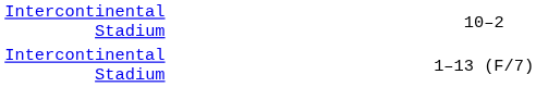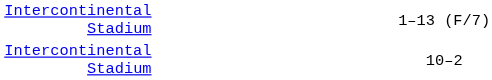 <table>
 <tr>
 <th width=150></th>
 <th width=200></th>
 <th width=80></th>
 <th width=200></th>
 </tr>
 <tr>
 <td align=right><a href='#'>Intercontinental Stadium</a></td>
+<td align=right></td>
+<td align=center>1–13 (F/7)</td>
+<td><strong></strong></td>
+</tr>
+<tr>
+<td align=right><a href='#'>Intercontinental Stadium</a></td>
 <td align=right><strong></strong></td>
 <td align=center>10–2</td>
 <td></td>
 </tr>
-<tr>
-<td align=right><a href='#'>Intercontinental Stadium</a></td>
-<td align=right></td>
-<td align=center>1–13 (F/7)</td>
-<td><strong></strong></td>
-</tr>
 </table>
